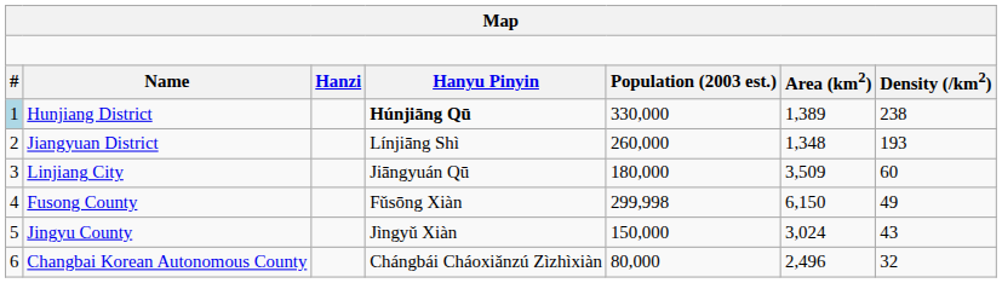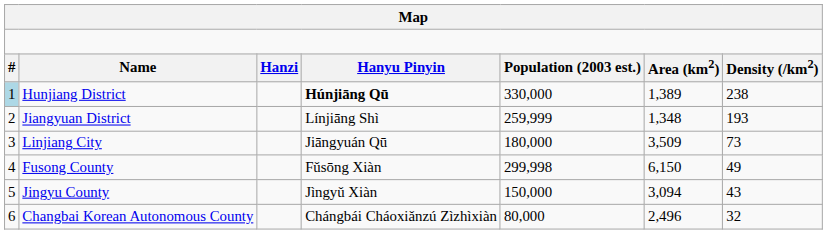 <table class="wikitable"  style="font-size:90%;" align=center>
 <tr>
 <th colspan="7" align="center">Map</th>
 </tr>
 <tr>
 <td colspan="7" align="center"><div><br>         </div></td>
 </tr>
 <tr>
 <th>#</th>
 <th>Name</th>
 <th><a href='#'>Hanzi</a></th>
 <th><a href='#'>Hanyu Pinyin</a></th>
 <th>Population (2003 est.)</th>
 <th>Area (km<sup>2</sup>)</th>
 <th>Density (/km<sup>2</sup>)</th>
 </tr>
 <tr --------->
 <td style="background: lightblue;">1</td>
 <td><a href='#'>Hunjiang District</a></td>
 <td></td>
 <td><strong>Húnjiāng Qū</strong></td>
 <td>330,000</td>
 <td>1,389</td>
 <td>238</td>
 </tr>
 <tr --------->
 <td>2</td>
 <td><a href='#'>Jiangyuan District</a></td>
 <td></td>
 <td>Línjiāng Shì</td>
-<td>260,000</td>
+<td>259,999</td>
 <td>1,348</td>
 <td>193</td>
 </tr>
 <tr --------->
 <td>3</td>
 <td><a href='#'>Linjiang City</a></td>
 <td></td>
 <td>Jiāngyuán Qū</td>
 <td>180,000</td>
 <td>3,509</td>
-<td>60</td>
+<td>73</td>
 </tr>
 <tr --------->
 <td>4</td>
 <td><a href='#'>Fusong County</a></td>
 <td></td>
 <td>Fǔsōng Xiàn</td>
 <td>299,998</td>
 <td>6,150</td>
 <td>49</td>
 </tr>
 <tr --------->
 <td>5</td>
 <td><a href='#'>Jingyu County</a></td>
 <td></td>
 <td>Jìngyǔ Xiàn</td>
 <td>150,000</td>
-<td>3,024</td>
+<td>3,094</td>
 <td>43</td>
 </tr>
 <tr --------->
 <td>6</td>
 <td><a href='#'>Changbai Korean Autonomous County</a></td>
 <td></td>
 <td>Chángbái Cháoxiǎnzú Zìzhìxiàn</td>
 <td>80,000</td>
 <td>2,496</td>
 <td>32</td>
 </tr>
 </table>
